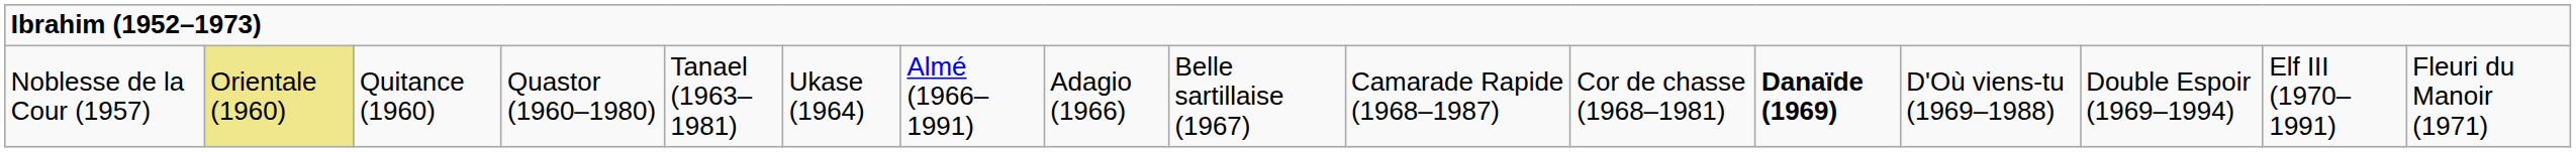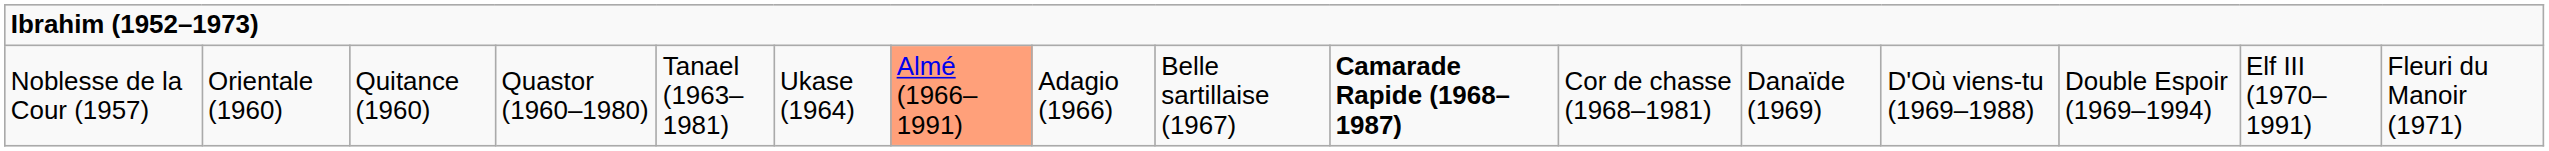 <table class="wikitable">
 <tr>
 <td colspan="16"><strong>Ibrahim (1952–1973)</strong></td>
 </tr>
 <tr>
 <td>Noblesse de la Cour (1957)</td>
-<td style="background: khaki;">Orientale (1960)</td>
+<td>Orientale (1960)</td>
 <td>Quitance (1960)</td>
 <td>Quastor (1960–1980)</td>
 <td>Tanael<br>(1963–1981)</td>
 <td>Ukase (1964)</td>
-<td><a href='#'>Almé</a> (1966–1991)</td>
+<td style="background: lightsalmon;"><a href='#'>Almé</a> (1966–1991)</td>
 <td>Adagio (1966)</td>
 <td>Belle sartillaise (1967)</td>
-<td>Camarade Rapide (1968–1987)</td>
+<td><strong>Camarade Rapide (1968–1987)</strong></td>
 <td>Cor de chasse (1968–1981)</td>
-<td><strong>Danaïde (1969)</strong></td>
+<td>Danaïde (1969)</td>
 <td>D'Où viens-tu (1969–1988)</td>
 <td>Double Espoir (1969–1994)</td>
 <td>Elf III (1970–1991)</td>
 <td>Fleuri du Manoir (1971)</td>
 </tr>
 </table>
